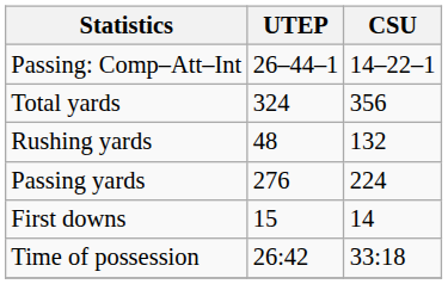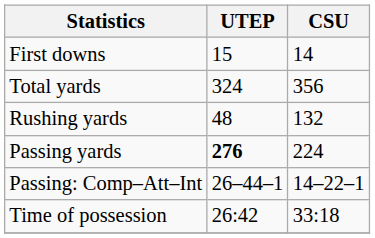 <table class="wikitable" style="float: left;">
 <tr>
 <th>Statistics</th>
 <th>UTEP</th>
 <th>CSU</th>
 </tr>
 <tr>
-<td>Passing: Comp–Att–Int</td>
-<td>26–44–1</td>
-<td>14–22–1</td>
+<td>First downs</td>
+<td>15</td>
+<td>14</td>
 </tr>
 <tr>
 <td>Total yards</td>
 <td>324</td>
 <td>356</td>
 </tr>
 <tr>
 <td>Rushing yards</td>
 <td>48</td>
 <td>132</td>
 </tr>
 <tr>
 <td>Passing yards</td>
-<td>276</td>
+<td><strong>276</strong></td>
 <td>224</td>
 </tr>
 <tr>
-<td>First downs</td>
-<td>15</td>
-<td>14</td>
+<td>Passing: Comp–Att–Int</td>
+<td>26–44–1</td>
+<td>14–22–1</td>
 </tr>
 <tr>
 <td>Time of possession</td>
 <td>26:42</td>
 <td>33:18</td>
 </tr>
 <tr>
 </tr>
 </table>
